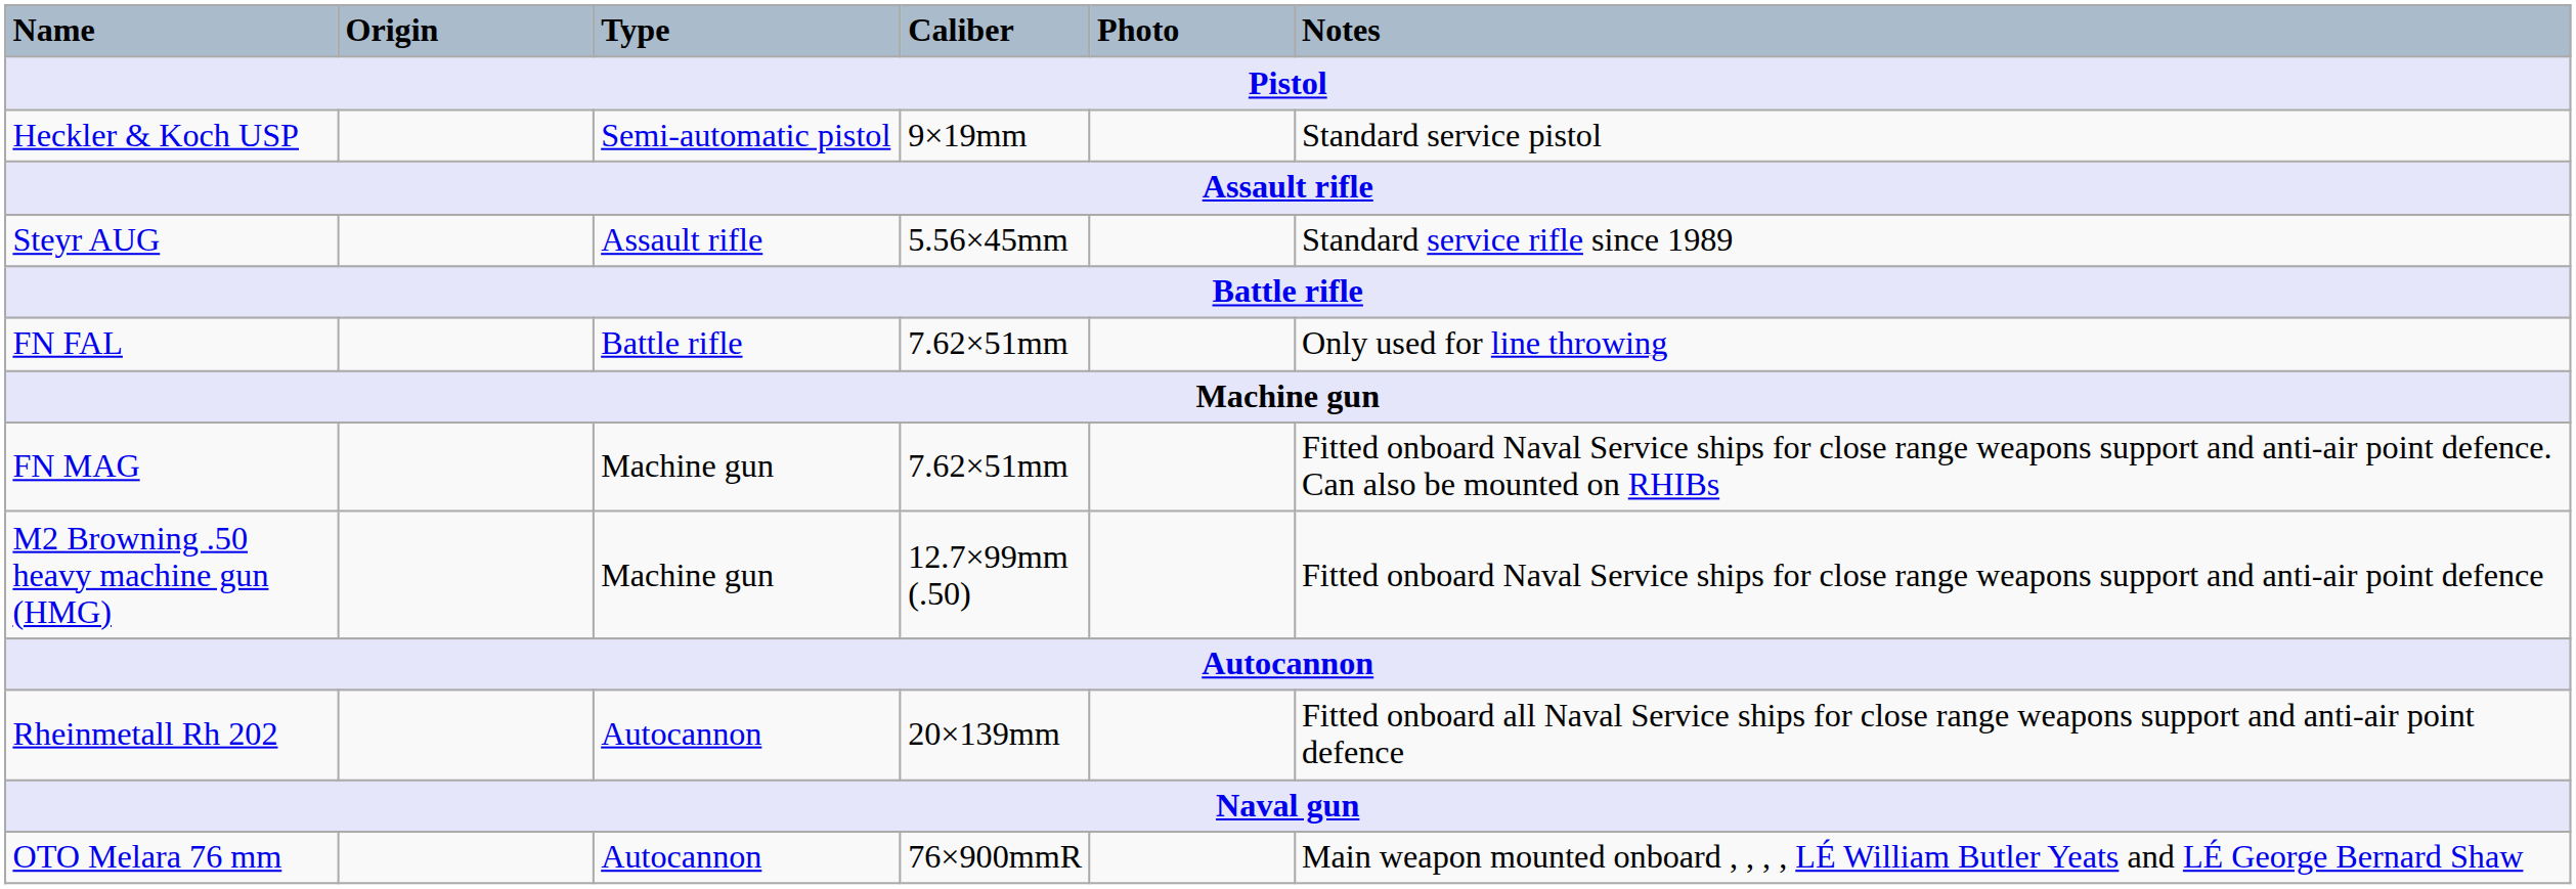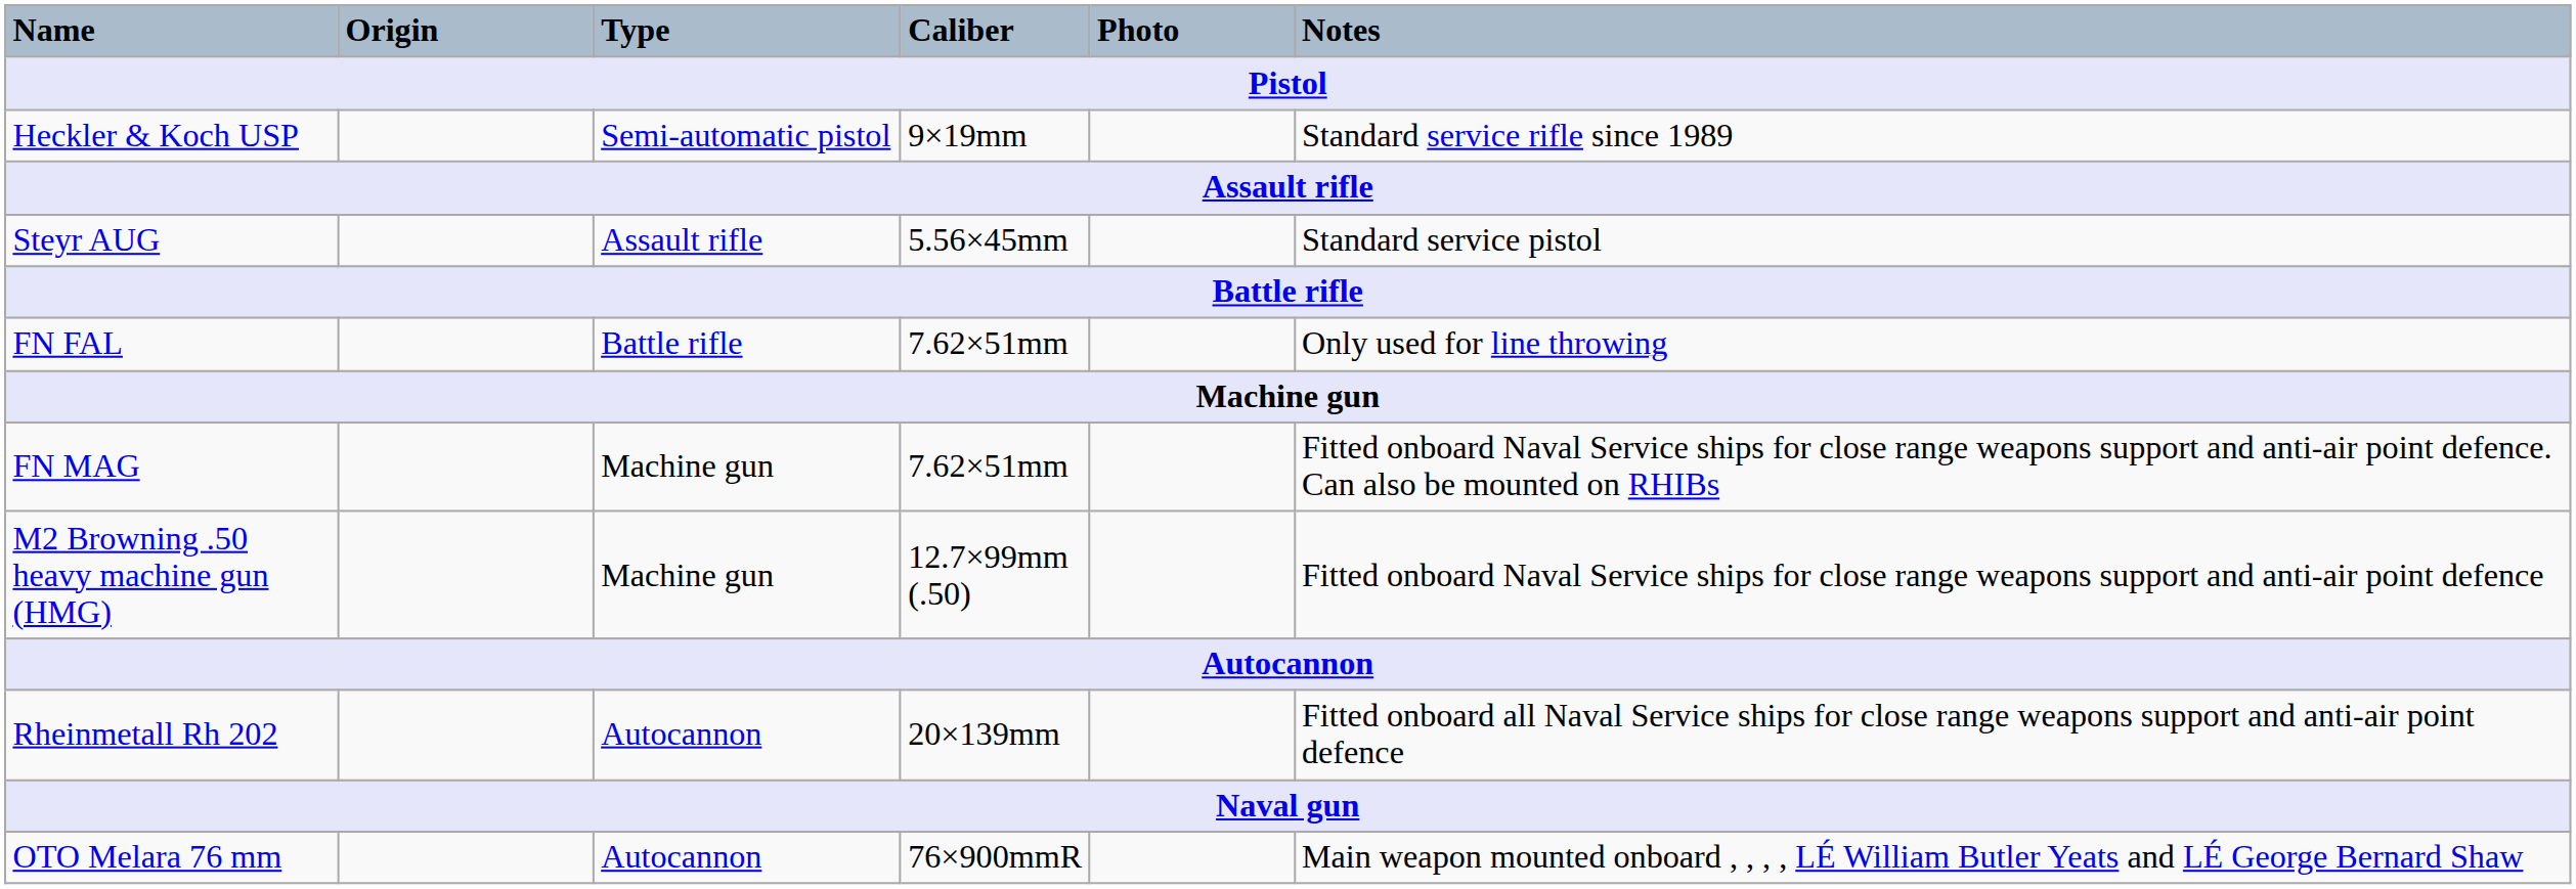 <table class="wikitable">
 <tr>
 <th style="text-align: left; background: #aabccc; width:13%;">Name</th>
 <th style="text-align: left; background: #aabccc; width:10%;">Origin</th>
 <th style="text-align: left; background: #aabccc; width:12%;">Type</th>
 <th style="text-align: left; background: #aabccc; width:7%;">Caliber</th>
 <th style="text-align: left; background: #aabccc;width:8%; ">Photo</th>
 <th style="text-align: left; background: #aabccc;width:50%;">Notes</th>
 </tr>
 <tr>
 <th style="align: center; background: lavender;" colspan="7"><a href='#'>Pistol</a></th>
 </tr>
 <tr>
 <td><a href='#'>Heckler & Koch USP</a></td>
 <td></td>
 <td><a href='#'>Semi-automatic pistol</a></td>
 <td>9×19mm</td>
 <td></td>
-<td>Standard service pistol</td>
+<td>Standard <a href='#'>service rifle</a> since 1989</td>
 </tr>
 <tr>
 <th style="align: center; background: lavender;" colspan="7"><a href='#'>Assault rifle</a></th>
 </tr>
 <tr>
 <td><a href='#'>Steyr AUG</a></td>
 <td></td>
 <td><a href='#'>Assault rifle</a></td>
 <td>5.56×45mm</td>
 <td></td>
-<td>Standard <a href='#'>service rifle</a> since 1989</td>
+<td>Standard service pistol</td>
 </tr>
 <tr>
 <th style="align: center; background: lavender;" colspan="7"><a href='#'>Battle rifle</a></th>
 </tr>
 <tr>
 <td><a href='#'>FN FAL</a></td>
 <td></td>
 <td><a href='#'>Battle rifle</a></td>
 <td>7.62×51mm</td>
 <td></td>
 <td>Only used for <a href='#'>line throwing</a></td>
 </tr>
 <tr>
 <th style="align: center; background: lavender;" colspan="7">Machine gun</th>
 </tr>
 <tr>
 <td><a href='#'>FN MAG</a></td>
 <td></td>
 <td>Machine gun</td>
 <td>7.62×51mm</td>
 <td></td>
 <td>Fitted onboard Naval Service ships for close range weapons support and anti-air point defence. Can also be mounted on <a href='#'>RHIBs</a></td>
 </tr>
 <tr>
 <td><a href='#'>M2 Browning .50 heavy machine gun (HMG)</a></td>
 <td></td>
 <td>Machine gun</td>
 <td>12.7×99mm (.50)</td>
 <td></td>
 <td>Fitted onboard Naval Service ships for close range weapons support and anti-air point defence</td>
 </tr>
 <tr>
 <th style="align: center; background: lavender;" colspan="7"><a href='#'>Autocannon</a></th>
 </tr>
 <tr>
 <td><a href='#'>Rheinmetall Rh 202</a></td>
 <td></td>
 <td><a href='#'>Autocannon</a></td>
 <td>20×139mm</td>
 <td></td>
 <td>Fitted onboard all Naval Service ships for close range weapons support and anti-air point defence</td>
 </tr>
 <tr>
 <th style="align: center; background: lavender;" colspan="7"><a href='#'>Naval gun</a></th>
 </tr>
 <tr>
 <td><a href='#'>OTO Melara 76 mm</a></td>
 <td></td>
 <td><a href='#'>Autocannon</a></td>
 <td>76×900mmR</td>
 <td></td>
 <td>Main weapon mounted onboard , , , , <a href='#'>LÉ William Butler Yeats</a> and <a href='#'>LÉ George Bernard Shaw</a></td>
 </tr>
 </table>
